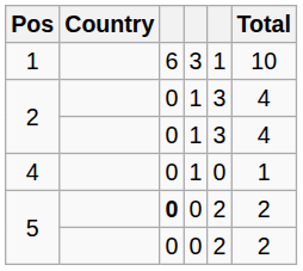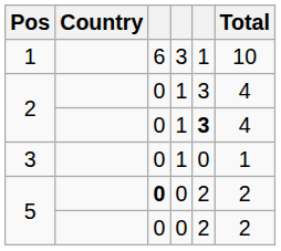 <table class=wikitable style="font-size:95%; text-align: center">
 <tr>
 <th>Pos</th>
 <th>Country</th>
 <th></th>
 <th></th>
 <th></th>
 <th>Total</th>
 </tr>
 <tr>
 <td>1</td>
 <td style=text-align:left></td>
 <td>6</td>
 <td>3</td>
 <td>1</td>
 <td>10</td>
 </tr>
 <tr>
 <td rowspan=2>2</td>
 <td style=text-align:left></td>
 <td>0</td>
 <td>1</td>
 <td>3</td>
 <td>4</td>
 </tr>
 <tr>
 <td style=text-align:left></td>
 <td>0</td>
 <td>1</td>
-<td>3</td>
+<td><strong>3</strong></td>
 <td>4</td>
 </tr>
 <tr>
-<td>4</td>
+<td>3</td>
 <td style=text-align:left></td>
 <td>0</td>
 <td>1</td>
 <td>0</td>
 <td>1</td>
 </tr>
 <tr>
 <td rowspan=2>5</td>
 <td style=text-align:left></td>
 <td><strong>0</strong></td>
 <td>0</td>
 <td>2</td>
 <td>2</td>
 </tr>
 <tr>
 <td style=text-align:left></td>
 <td>0</td>
 <td>0</td>
 <td>2</td>
 <td>2</td>
 </tr>
 </table>
